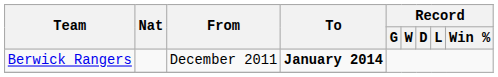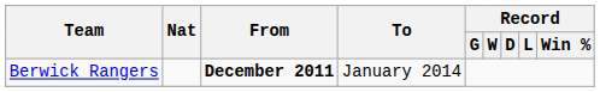 <table class="wikitable" style="text-align: center">
 <tr>
 <th rowspan="2">Team</th>
 <th rowspan="2">Nat</th>
 <th rowspan="2">From</th>
 <th rowspan="2">To</th>
 <th colspan="5">Record</th>
 </tr>
 <tr>
 <th>G</th>
 <th>W</th>
 <th>D</th>
 <th>L</th>
 <th>Win %</th>
 </tr>
 <tr>
 <td align=left><a href='#'>Berwick Rangers</a></td>
 <td></td>
-<td align=left>December 2011</td>
-<td align=left><strong>January 2014<br></strong></td>
+<td align=left><strong>December 2011</strong></td>
+<td align=left>January 2014<br></td>
 </tr>
 <tr>
 </tr>
 </table>
